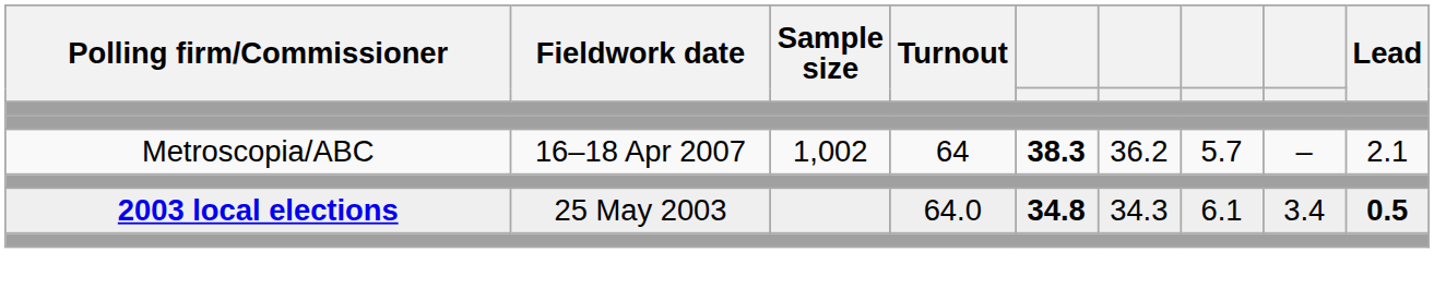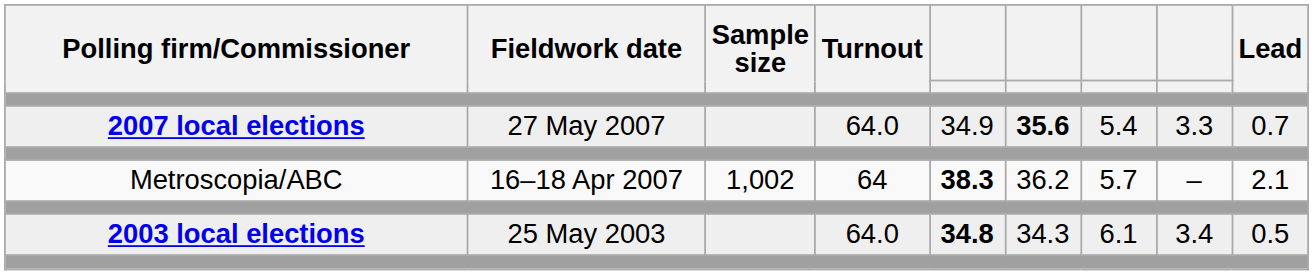 <table class="wikitable collapsible" style="text-align:center; font-size:95%; line-height:16px;">
 <tr style="height:42px;">
 <th style="width:250px;" rowspan="2">Polling firm/Commissioner</th>
 <th style="width:125px;" rowspan="2">Fieldwork date</th>
 <th style="width:50px;" rowspan="2">Sample size</th>
 <th style="width:45px;" rowspan="2">Turnout</th>
 <th style="width:35px;"></th>
 <th style="width:35px;"></th>
 <th style="width:35px;"></th>
 <th style="width:35px;"></th>
 <th style="width:30px;" rowspan="2">Lead</th>
 </tr>
 <tr>
 <th style="color:inherit;background:"></th>
 <th style="color:inherit;background:"></th>
 <th style="color:inherit;background:"></th>
 <th style="color:inherit;background:"></th>
 </tr>
 <tr>
 <td colspan="9" style="background:#A0A0A0"></td>
+</tr>
+<tr style="background:#EFEFEF;">
+<td><strong><a href='#'>2007 local elections</a></strong></td>
+<td>27 May 2007</td>
+<td></td>
+<td>64.0</td>
+<td>34.9</td>
+<td><strong>35.6</strong></td>
+<td>5.4</td>
+<td>3.3</td>
+<td style="background:">0.7</td>
 </tr>
 <tr>
 <td colspan="9" style="background:#A0A0A0"></td>
 </tr>
 <tr>
 <td>Metroscopia/ABC</td>
 <td>16–18 Apr 2007</td>
 <td>1,002</td>
 <td>64</td>
 <td><strong>38.3</strong></td>
 <td>36.2</td>
 <td>5.7</td>
 <td>–</td>
 <td style="background:">2.1</td>
 </tr>
 <tr>
 <td colspan="9" style="background:#A0A0A0"></td>
 </tr>
 <tr style="background:#EFEFEF;">
 <td><strong><a href='#'>2003 local elections</a></strong></td>
 <td>25 May 2003</td>
 <td></td>
 <td>64.0</td>
 <td><strong>34.8</strong></td>
 <td>34.3</td>
 <td>6.1</td>
 <td>3.4</td>
-<td style="background:"><strong>0.5</strong></td>
+<td style="background:">0.5</td>
 </tr>
 <tr>
 <td colspan="9" style="background:#A0A0A0"></td>
 </tr>
 </table>
